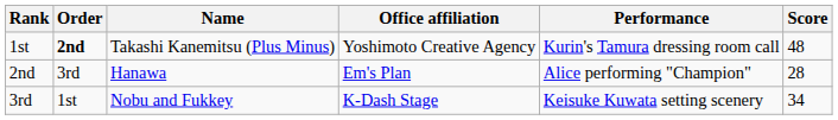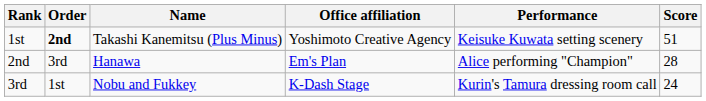 <table class="wikitable">
 <tr>
 <th>Rank</th>
 <th>Order</th>
 <th>Name</th>
 <th>Office affiliation</th>
 <th>Performance</th>
 <th>Score</th>
 </tr>
 <tr>
 <td>1st</td>
 <td><strong>2nd</strong></td>
 <td>Takashi Kanemitsu (<a href='#'>Plus Minus</a>)</td>
 <td>Yoshimoto Creative Agency</td>
-<td><a href='#'>Kurin</a>'s <a href='#'>Tamura</a> dressing room call</td>
-<td>48</td>
+<td><a href='#'>Keisuke Kuwata</a> setting scenery</td>
+<td>51</td>
 </tr>
 <tr>
 <td>2nd</td>
 <td>3rd</td>
 <td><a href='#'>Hanawa</a></td>
 <td><a href='#'>Em's Plan</a></td>
 <td><a href='#'>Alice</a> performing "Champion"</td>
 <td>28</td>
 </tr>
 <tr>
 <td>3rd</td>
 <td>1st</td>
 <td><a href='#'>Nobu and Fukkey</a></td>
 <td><a href='#'>K-Dash Stage</a></td>
-<td><a href='#'>Keisuke Kuwata</a> setting scenery</td>
-<td>34</td>
+<td><a href='#'>Kurin</a>'s <a href='#'>Tamura</a> dressing room call</td>
+<td>24</td>
 </tr>
 </table>
